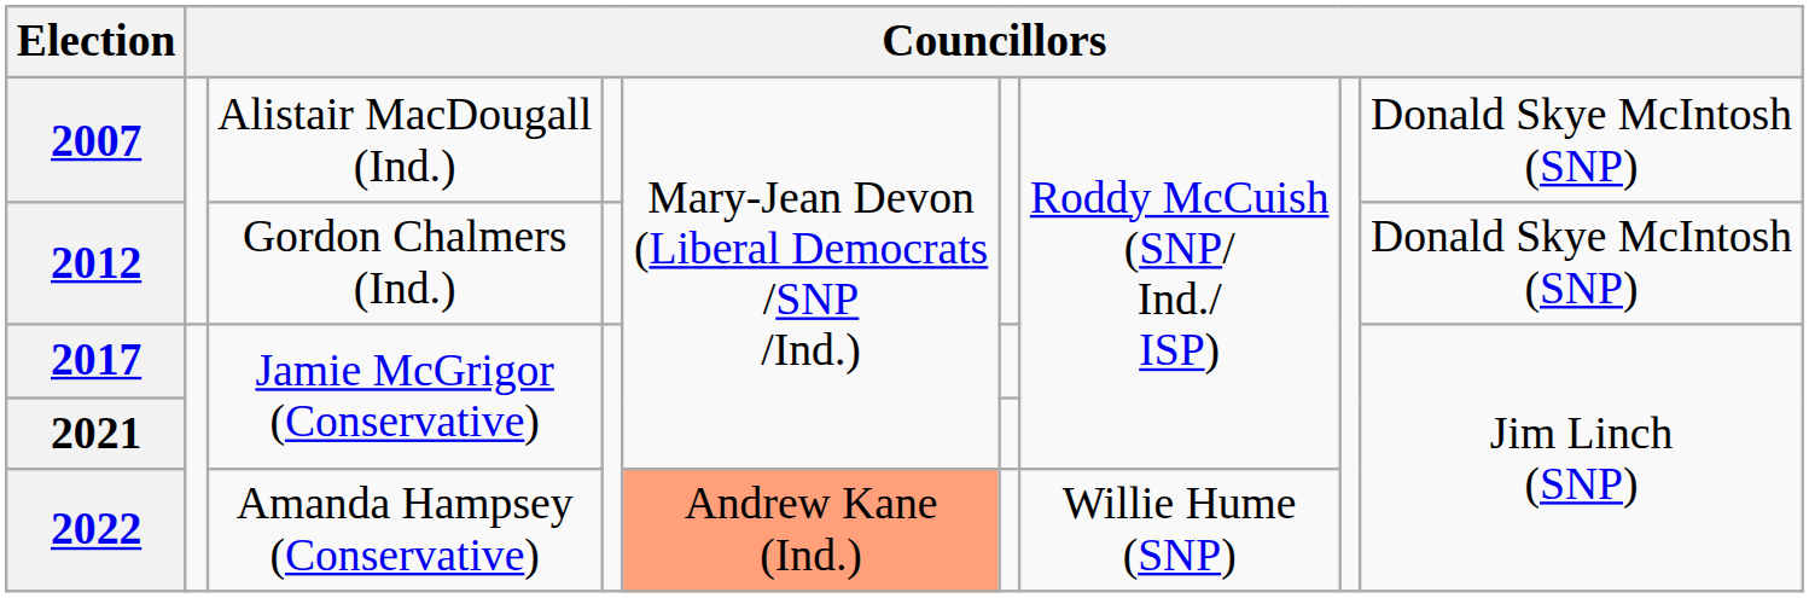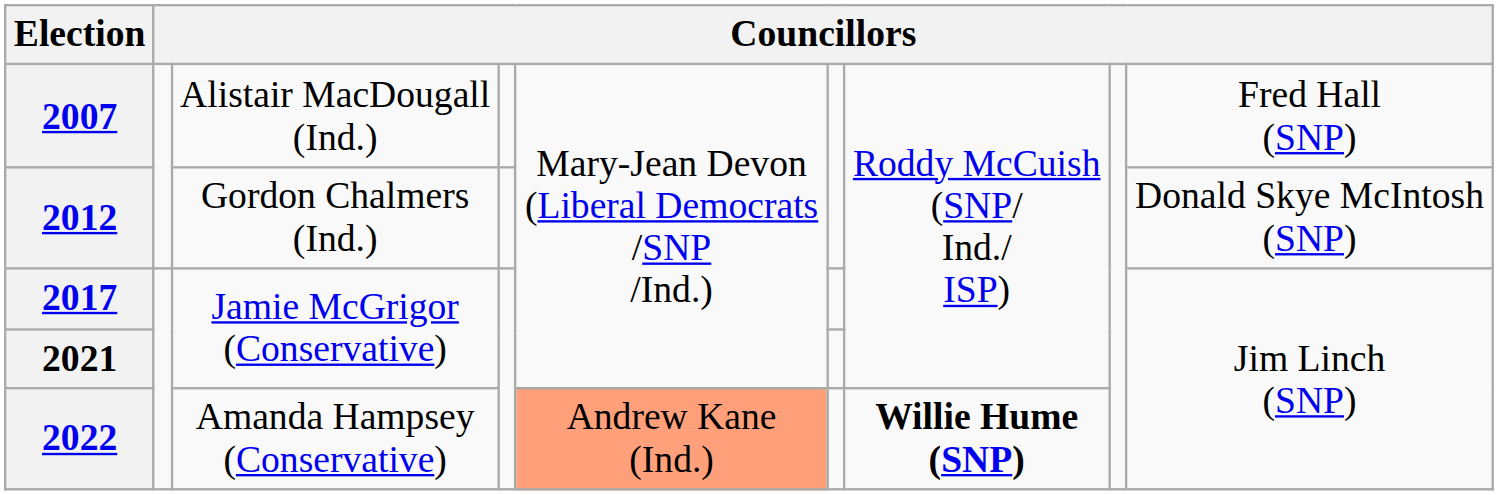 <table class="wikitable" style="text-align:center">
 <tr>
 <th>Election</th>
 <th colspan=8>Councillors</th>
 </tr>
 <tr>
 <th><a href='#'>2007</a></th>
 <td rowspan=2; style="background-color: "></td>
 <td>Alistair MacDougall<br>(Ind.)</td>
 <td rowspan=1; style="background-color: "></td>
 <td rowspan=4>Mary-Jean Devon<br>(<a href='#'>Liberal Democrats</a><br>/<a href='#'>SNP</a><br>/Ind.)</td>
 <td rowspan=2; style="background-color: "></td>
 <td rowspan=4><a href='#'>Roddy McCuish</a><br>(<a href='#'>SNP</a>/<br>Ind./<br><a href='#'>ISP</a>)</td>
 <td rowspan=5; style="background-color: "></td>
-<td>Donald Skye McIntosh<br>(<a href='#'>SNP</a>)</td>
+<td>Fred Hall<br>(<a href='#'>SNP</a>)</td>
 </tr>
 <tr>
 <th><a href='#'>2012</a></th>
 <td>Gordon Chalmers<br>(Ind.)</td>
 <td rowspan=1; style="background-color: "></td>
 <td>Donald Skye McIntosh<br>(<a href='#'>SNP</a>)</td>
 </tr>
 <tr>
 <th><a href='#'>2017</a></th>
 <td rowspan=3; style="background-color: "></td>
 <td rowspan=2><a href='#'>Jamie McGrigor</a><br>(<a href='#'>Conservative</a>)</td>
 <td rowspan=3; style="background-color: "></td>
 <td rowspan=1; style="background-color: "></td>
 <td rowspan=3>Jim Linch<br>(<a href='#'>SNP</a>)</td>
 </tr>
 <tr>
 <th>2021</th>
 <td rowspan=1; style="background-color: "></td>
 </tr>
 <tr>
 <th><a href='#'>2022</a></th>
 <td rowspan=1>Amanda Hampsey<br>(<a href='#'>Conservative</a>)</td>
 <td style="background: lightsalmon;">Andrew Kane<br>(Ind.)</td>
 <td rowspan=1; style="background-color: "></td>
-<td>Willie Hume<br>(<a href='#'>SNP</a>)</td>
+<td><strong>Willie Hume<br>(<a href='#'>SNP</a>)</strong></td>
 </tr>
 </table>
